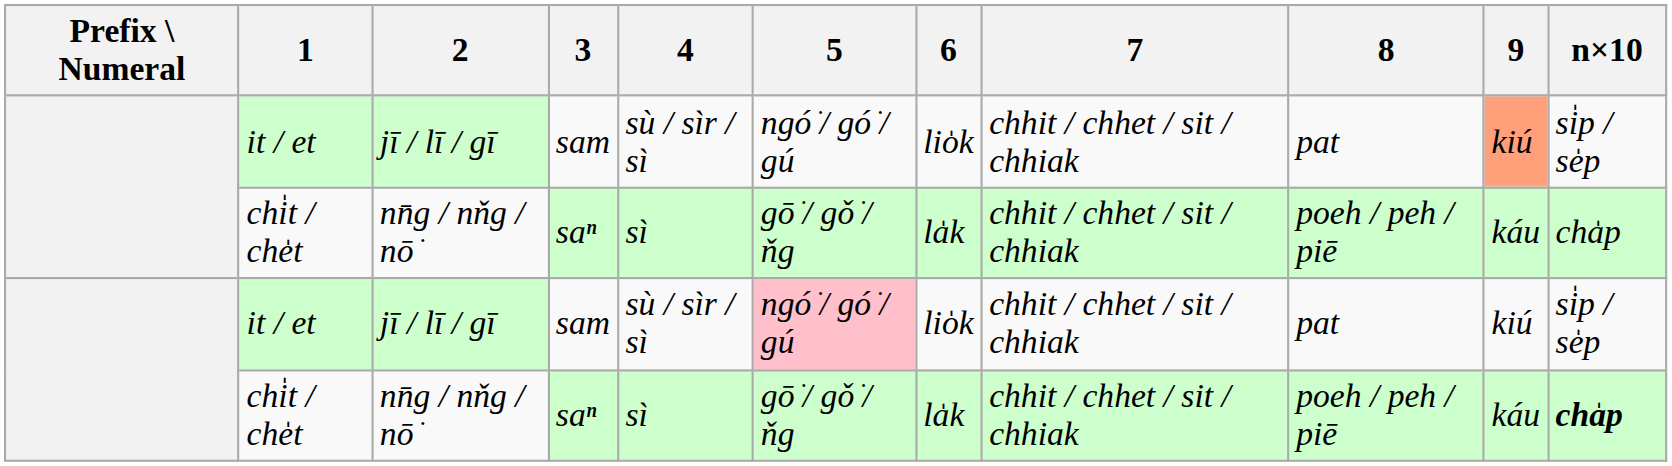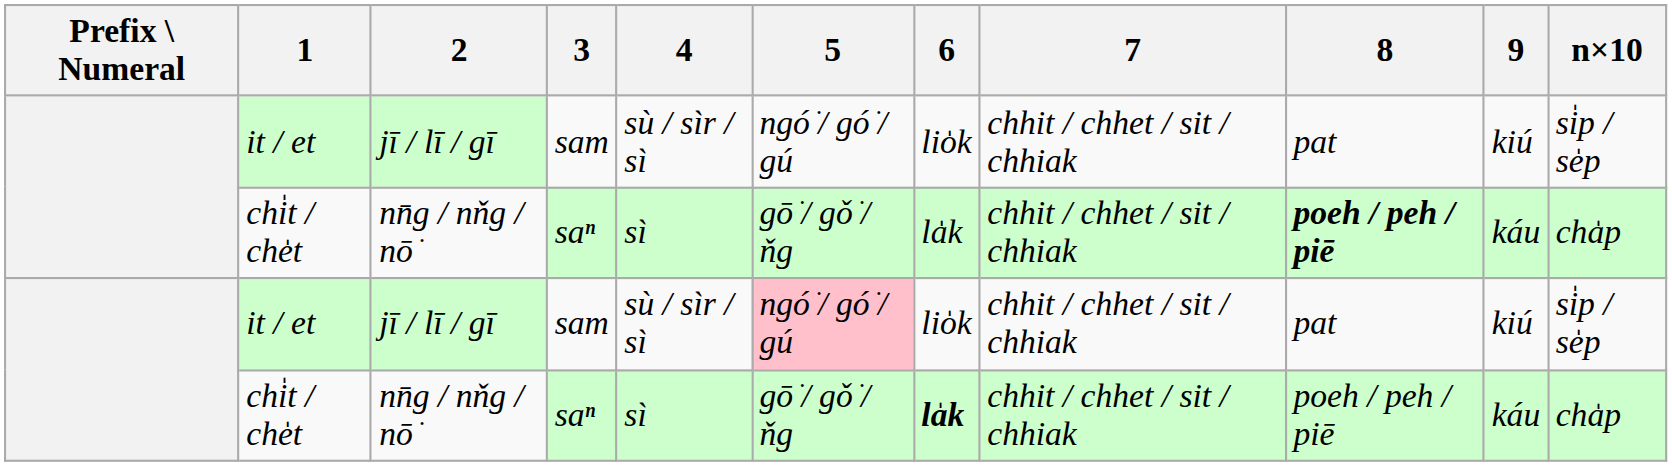 <table class="wikitable" style="width:50%;" border="1">
 <tr>
 <th>Prefix \ Numeral</th>
 <th>1</th>
 <th>2</th>
 <th>3</th>
 <th>4</th>
 <th>5</th>
 <th>6</th>
 <th>7</th>
 <th>8</th>
 <th>9</th>
 <th>n×10</th>
 </tr>
 <tr>
 <th rowspan=2></th>
 <td style="background: #CFC;"><em>it / et</em></td>
 <td style="background: #CFC;"><em>jī / lī / gī</em></td>
 <td><em>sam</em></td>
 <td><em>sù / sìr / sì</em></td>
 <td><em>ngó͘ / gó͘ / gú</em></td>
 <td><em>lio̍k</em></td>
 <td><em>chhit / chhet / sit / chhiak</em></td>
 <td><em>pat</em></td>
-<td style="background: lightsalmon;"><em>kiú</em></td>
+<td><em>kiú</em></td>
 <td><em>si̍p / se̍p</em></td>
 </tr>
 <tr>
 <td><em>chi̍t / che̍t</em></td>
 <td><em>nn̄g / nňg / nō͘</em></td>
 <td style="background: #CFC;"><em>saⁿ</em></td>
 <td style="background: #CFC;"><em>sì</em></td>
 <td style="background: #CFC;"><em>gō͘ / gǒ͘ / ňg</em></td>
 <td style="background: #CFC;"><em>la̍k</em></td>
 <td style="background: #CFC;"><em>chhit / chhet / sit / chhiak</em></td>
-<td style="background: #CFC;"><em>poeh / peh / piē</em></td>
+<td style="background: #CFC;"><strong><em>poeh / peh / piē</em></strong></td>
 <td style="background: #CFC;"><em>káu</em></td>
 <td style="background: #CFC;"><em>cha̍p</em></td>
 </tr>
 <tr>
 <th rowspan=2></th>
 <td style="background: #CFC;"><em>it / et</em></td>
 <td style="background: #CFC;"><em>jī / lī / gī</em></td>
 <td><em>sam</em></td>
 <td><em>sù / sìr / sì</em></td>
 <td style="background: pink;"><em>ngó͘ / gó͘ / gú</em></td>
 <td><em>lio̍k</em></td>
 <td><em>chhit / chhet / sit / chhiak</em></td>
 <td><em>pat</em></td>
 <td><em>kiú</em></td>
 <td><em>si̍p / se̍p</em></td>
 </tr>
 <tr>
 <td><em>chi̍t / che̍t</em></td>
 <td><em>nn̄g / nňg / nō͘</em></td>
 <td style="background: #CFC;"><em>saⁿ</em></td>
 <td style="background: #CFC;"><em>sì</em></td>
 <td style="background: #CFC;"><em>gō͘ / gǒ͘ / ňg</em></td>
-<td style="background: #CFC;"><em>la̍k</em></td>
+<td style="background: #CFC;"><strong><em>la̍k</em></strong></td>
 <td style="background: #CFC;"><em>chhit / chhet / sit / chhiak</em></td>
 <td style="background: #CFC;"><em>poeh / peh / piē</em></td>
 <td style="background: #CFC;"><em>káu</em></td>
-<td style="background: #CFC;"><strong><em>cha̍p</em></strong></td>
+<td style="background: #CFC;"><em>cha̍p</em></td>
 </tr>
 </table>
